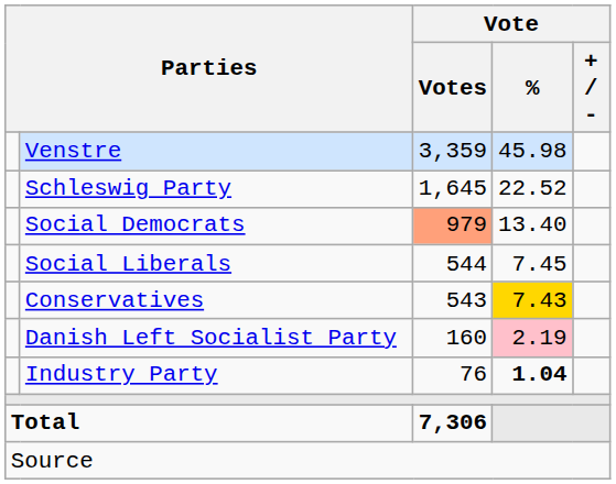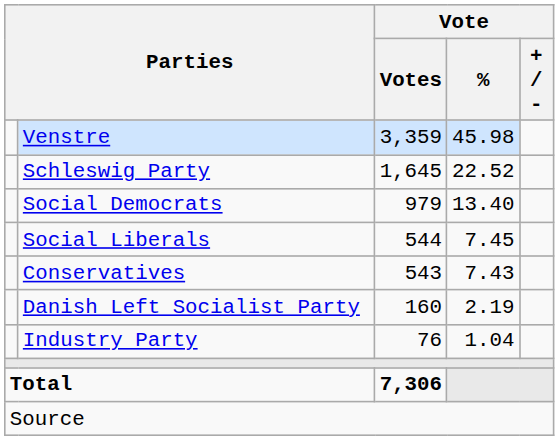 <table class="wikitable" style="text-align:right;">
 <tr>
 <th style="text-align:centre;" rowspan="2" colspan="2" width="225">Parties</th>
 <th colspan="3">Vote</th>
 </tr>
 <tr>
 <th width="15">Votes</th>
 <th width="15">%</th>
 <th width="15">+ / -</th>
 </tr>
 <tr>
 <td width="2" style="color:inherit;background:"></td>
 <td bgcolor=#cfe5fe  align="left"><a href='#'>Venstre</a></td>
 <td bgcolor=#cfe5fe>3,359</td>
 <td bgcolor=#cfe5fe>45.98</td>
 <td></td>
 </tr>
 <tr>
 <td width="2" style="color:inherit;background:"></td>
 <td align="left"><a href='#'>Schleswig Party</a></td>
 <td>1,645</td>
 <td>22.52</td>
 <td></td>
 </tr>
 <tr>
 <td width="2" style="color:inherit;background:"></td>
 <td align="left"><a href='#'>Social Democrats</a></td>
-<td style="background: lightsalmon;">979</td>
+<td>979</td>
 <td>13.40</td>
 <td></td>
 </tr>
 <tr>
 <td width="2" style="color:inherit;background:"></td>
 <td align="left"><a href='#'>Social Liberals</a></td>
 <td>544</td>
 <td>7.45</td>
 <td></td>
 </tr>
 <tr>
 <td width="2" style="color:inherit;background:"></td>
 <td align="left"><a href='#'>Conservatives</a></td>
 <td>543</td>
-<td style="background: gold;">7.43</td>
+<td>7.43</td>
 <td></td>
 </tr>
 <tr>
 <td width="2" style="color:inherit;background:"></td>
 <td align="left"><a href='#'>Danish Left Socialist Party</a></td>
 <td>160</td>
-<td style="background: pink;">2.19</td>
+<td>2.19</td>
 <td></td>
 </tr>
 <tr>
 <td width="2" style="color:inherit;background:"></td>
 <td align="left"><a href='#'>Industry Party</a></td>
 <td>76</td>
-<td><strong>1.04</strong></td>
+<td>1.04</td>
 <td></td>
 </tr>
 <tr>
 <td colspan="7" bgcolor="#E9E9E9"></td>
 </tr>
 <tr>
 <td align="left" colspan="2"><strong>Total</strong></td>
 <td><strong>7,306</strong></td>
 <td bgcolor="#E9E9E9" colspan="2"></td>
 </tr>
 <tr>
 <td align="left" colspan="6">Source</td>
 </tr>
 </table>
